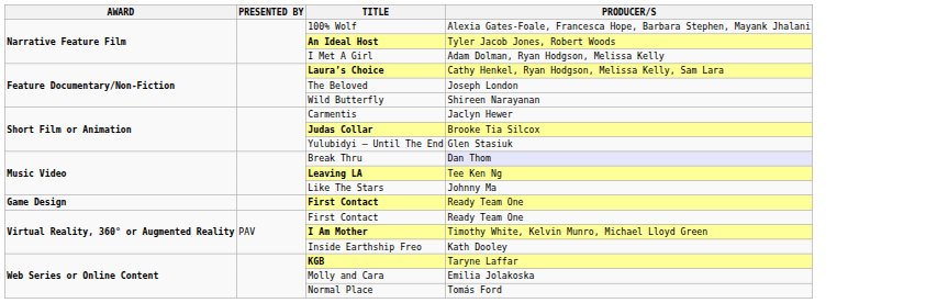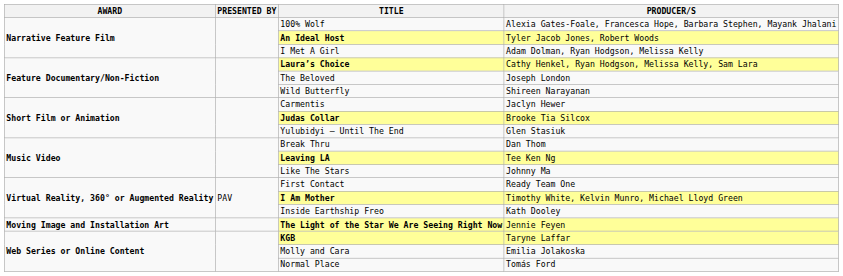 <table class="wikitable sortable mw-collapsible mw-collapsed">
 <tr>
 <th>AWARD</th>
 <th>PRESENTED BY</th>
 <th>TITLE</th>
 <th>PRODUCER/S</th>
 </tr>
 <tr>
 <td rowspan="3"><strong>Narrative Feature Film</strong></td>
 <td rowspan="3"></td>
 <td>100% Wolf</td>
 <td>Alexia Gates-Foale, Francesca Hope, Barbara Stephen, Mayank Jhalani</td>
 </tr>
 <tr>
 <td style="background:#ff9; "><strong>An Ideal Host</strong></td>
 <td style="background:#ff9;">Tyler Jacob Jones, Robert Woods</td>
 </tr>
 <tr>
 <td>I Met A Girl</td>
 <td>Adam Dolman, Ryan Hodgson, Melissa Kelly</td>
 </tr>
 <tr>
 <td rowspan="3"><strong>Feature Documentary/Non-Fiction</strong></td>
 <td rowspan="3"></td>
 <td style="background:#ff9; "><strong>Laura’s Choice</strong></td>
 <td style="background:#ff9;">Cathy Henkel, Ryan Hodgson, Melissa Kelly, Sam Lara</td>
 </tr>
 <tr>
 <td>The Beloved</td>
 <td>Joseph London</td>
 </tr>
 <tr>
 <td>Wild Butterfly</td>
 <td>Shireen Narayanan</td>
 </tr>
 <tr>
 <td rowspan="3"><strong>Short Film or Animation</strong></td>
 <td rowspan="3"></td>
 <td>Carmentis</td>
 <td>Jaclyn Hewer</td>
 </tr>
 <tr>
 <td style="background:#ff9; "><strong>Judas Collar</strong></td>
 <td style="background:#ff9; ">Brooke Tia Silcox</td>
 </tr>
 <tr>
 <td>Yulubidyi – Until The End</td>
 <td>Glen Stasiuk</td>
 </tr>
 <tr>
 <td rowspan="3"><strong>Music Video</strong></td>
 <td rowspan="3"></td>
 <td>Break Thru</td>
-<td style="background: lavender;">Dan Thom</td>
+<td>Dan Thom</td>
 </tr>
 <tr>
 <td style="background:#ff9; "><strong>Leaving LA</strong></td>
 <td style="background:#ff9; ">Tee Ken Ng</td>
 </tr>
 <tr>
 <td>Like The Stars</td>
 <td>Johnny Ma</td>
-</tr>
-<tr>
-<td><strong>Game Design</strong></td>
-<td></td>
-<td style="background:#ff9; "><strong>First Contact</strong></td>
-<td style="background:#ff9; ">Ready Team One</td>
 </tr>
 <tr>
 <td rowspan="3"><strong>Virtual Reality, 360° or Augmented Reality</strong></td>
 <td rowspan="3">PAV</td>
 <td>First Contact</td>
 <td>Ready Team One</td>
 </tr>
 <tr>
 <td style="background:#ff9; "><strong>I Am Mother</strong></td>
 <td style="background:#ff9;">Timothy White, Kelvin Munro, Michael Lloyd Green</td>
 </tr>
 <tr>
 <td>Inside Earthship Freo</td>
 <td>Kath Dooley</td>
 </tr>
 <tr>
+<td><strong>Moving Image and Installation Art</strong></td>
+<td></td>
+<td style="background:#ff9; "><strong>The Light of the Star We Are Seeing Right Now</strong></td>
+<td style="background:#ff9;">Jennie Feyen</td>
+</tr>
+<tr>
 <td rowspan="3"><strong>Web Series or Online Content</strong></td>
 <td rowspan="3"></td>
 <td style="background:#ff9; "><strong>KGB</strong></td>
 <td style="background:#ff9;">Taryne Laffar</td>
 </tr>
 <tr>
 <td>Molly and Cara</td>
 <td>Emilia Jolakoska</td>
 </tr>
 <tr>
 <td>Normal Place</td>
 <td>Tomás Ford</td>
 </tr>
 </table>
